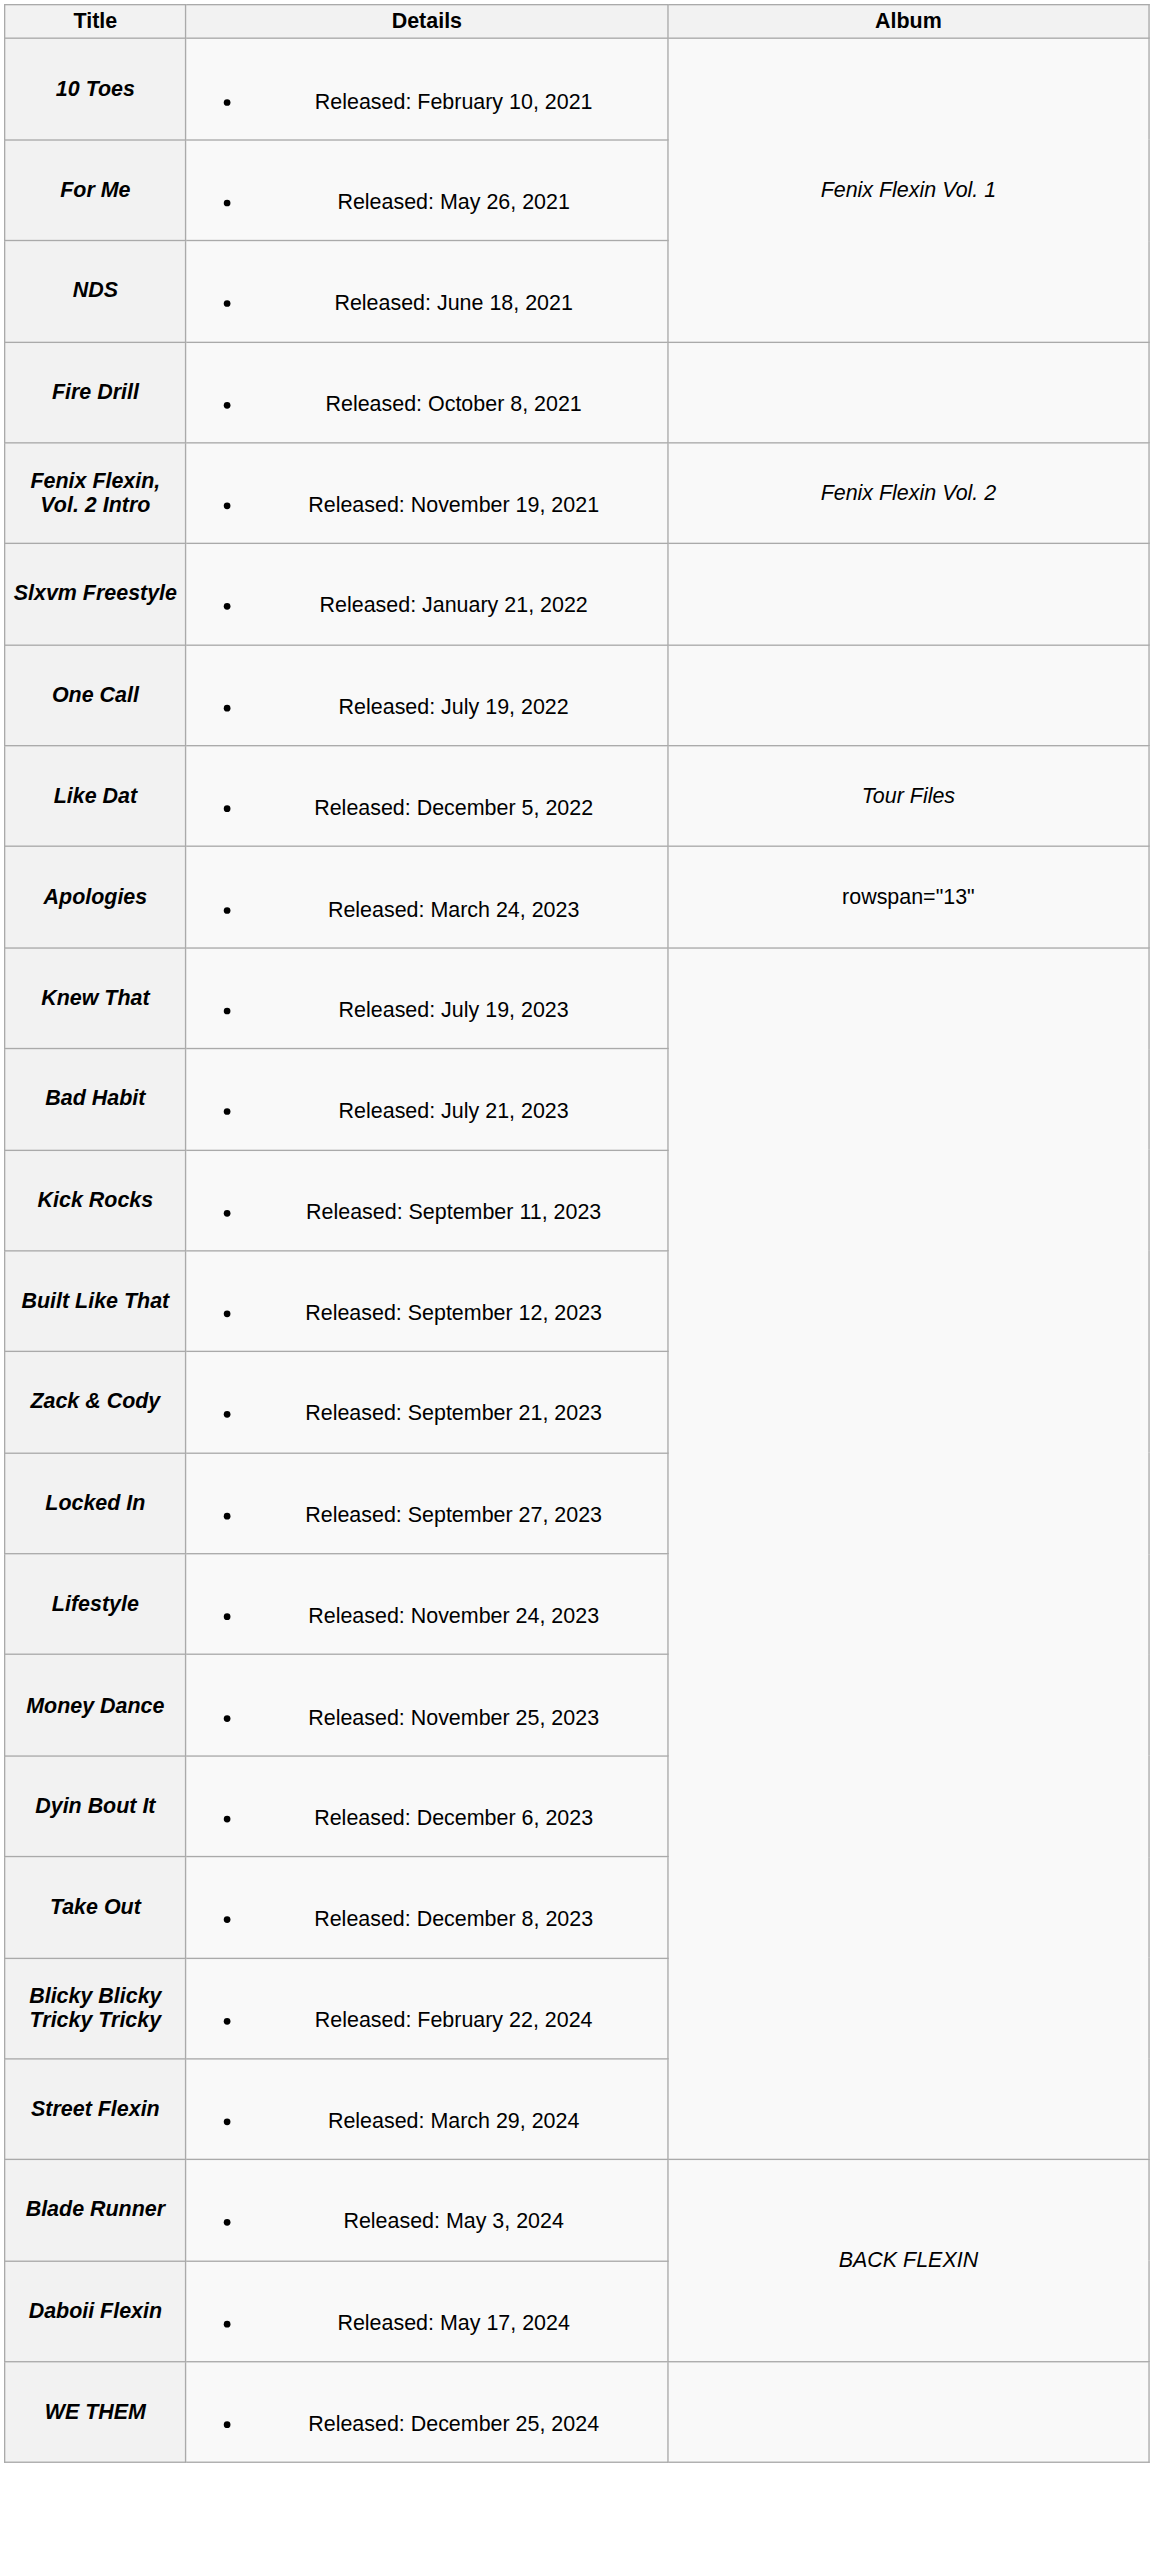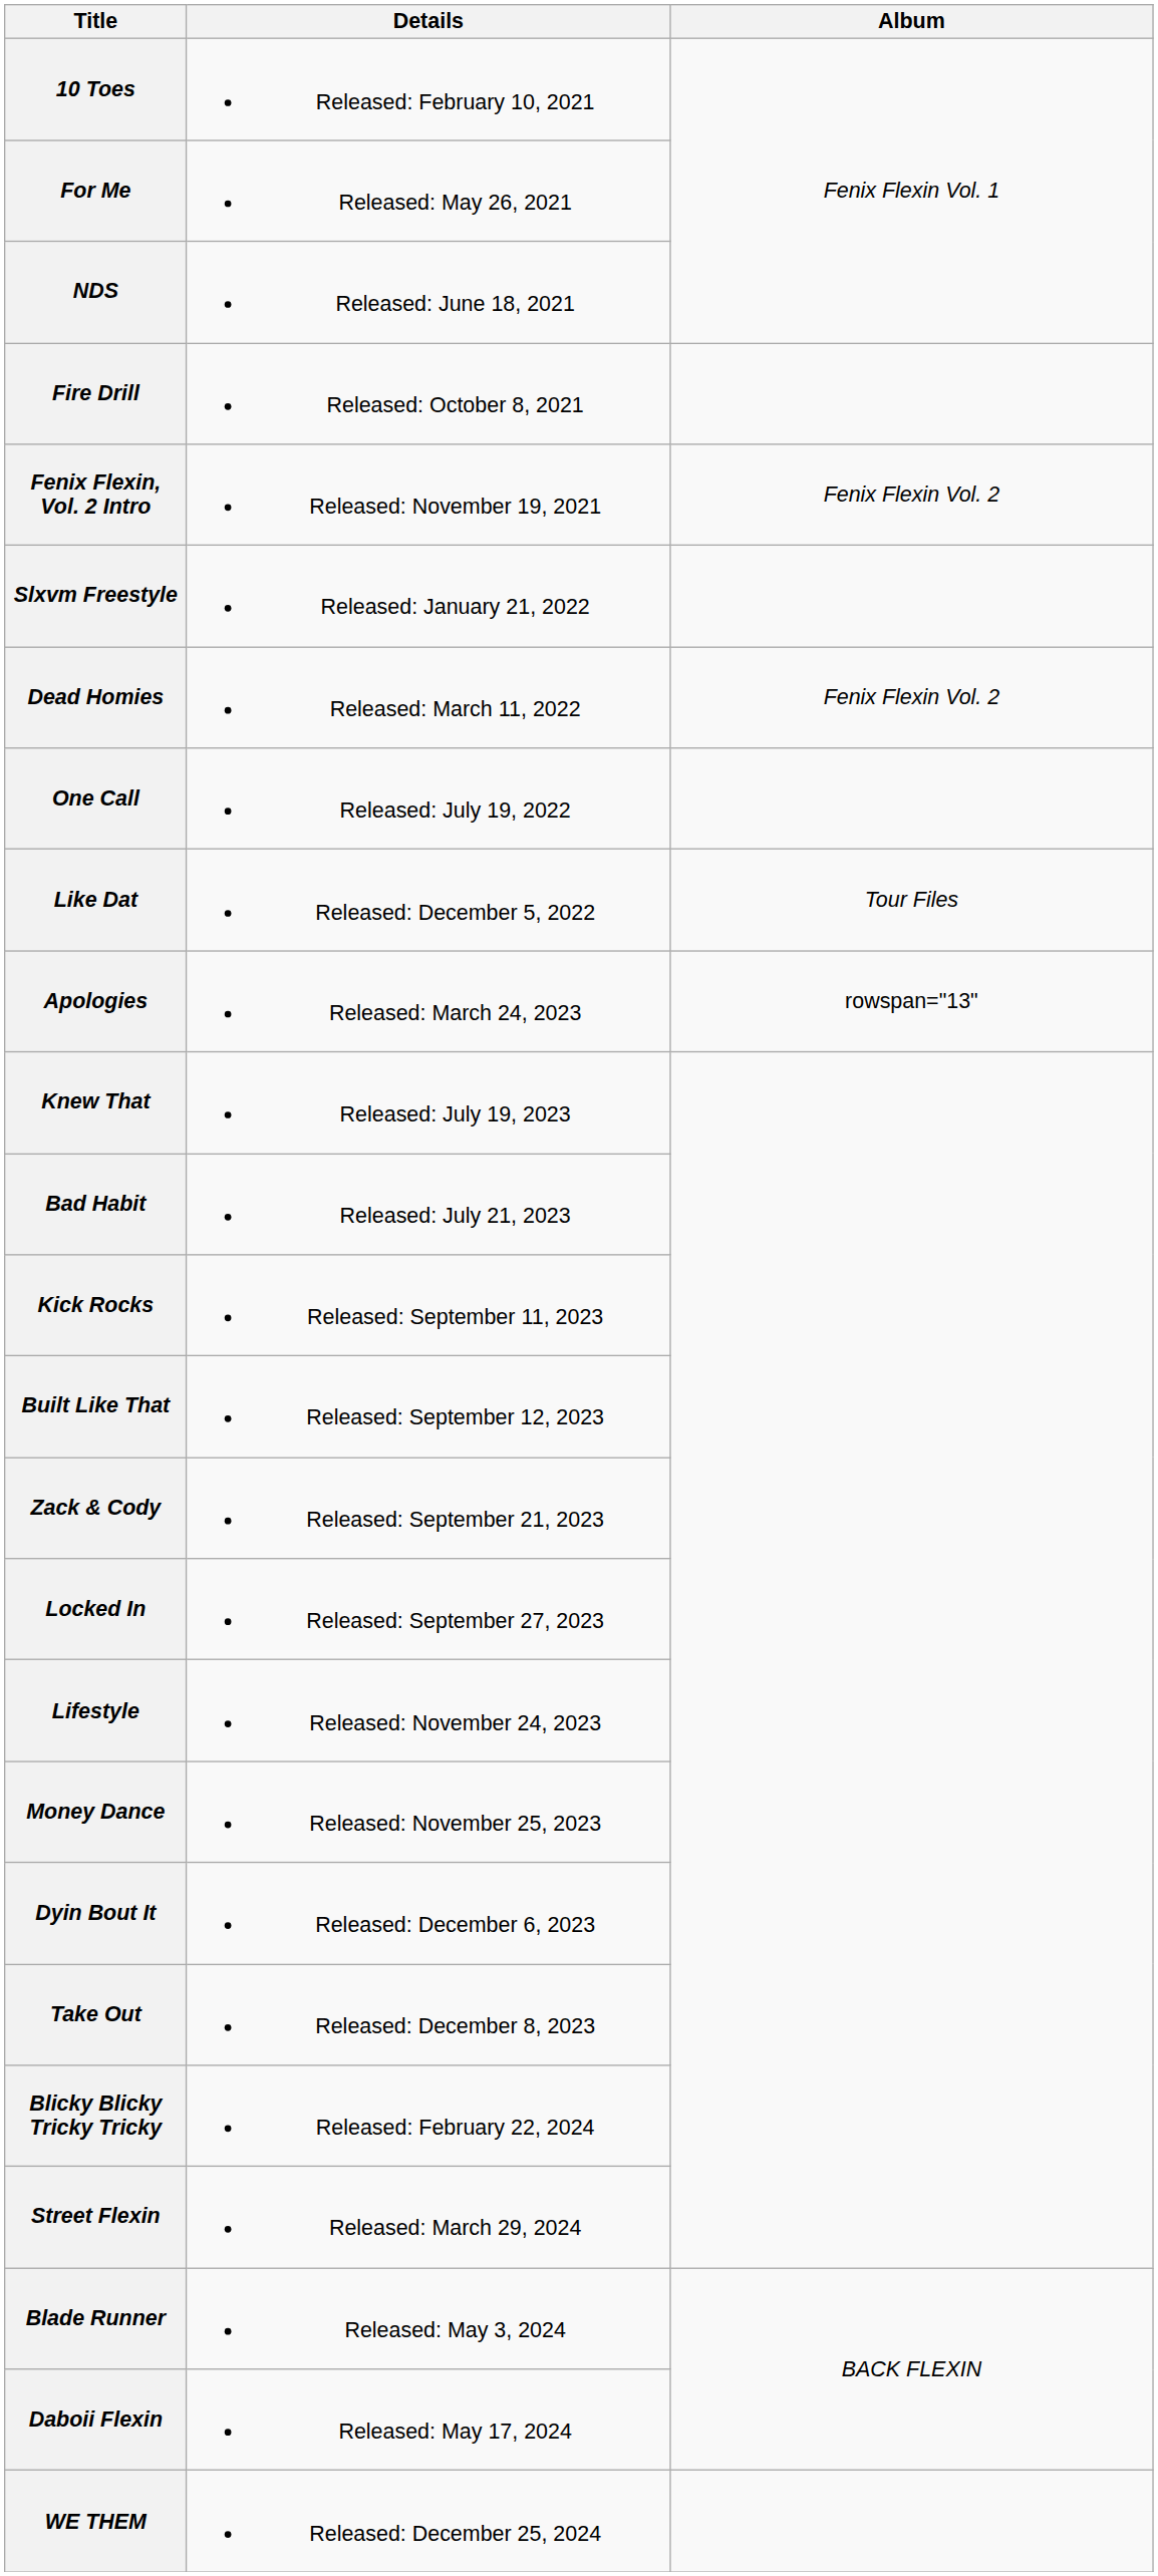 <table class="wikitable plainrowheaders" style="text-align:center;">
 <tr>
 <th scope="col" rowspan="1" style="width:8em;">Title</th>
 <th scope="col" rowspan="1" style="width:22em;">Details</th>
 <th scope="col" rowspan="1" style="width:22em;">Album</th>
 </tr>
 <tr>
 <th scope="row"><em>10 Toes</em></th>
 <td><br><ul><li>Released: February 10, 2021</li></ul></td>
 <td rowspan="3"><em>Fenix Flexin Vol. 1</em></td>
 </tr>
 <tr>
 <th scope="row"><em>For Me</em></th>
 <td><br><ul><li>Released: May 26, 2021</li></ul></td>
 </tr>
 <tr>
 <th scope="row"><em>NDS</em></th>
 <td><br><ul><li>Released: June 18, 2021</li></ul></td>
 </tr>
 <tr>
 <th scope="row"><em>Fire Drill</em><br></th>
 <td><br><ul><li>Released: October 8, 2021</li></ul></td>
 <td></td>
 </tr>
 <tr>
 <th scope="row"><em>Fenix Flexin, Vol. 2 Intro</em><br></th>
 <td><br><ul><li>Released: November 19, 2021</li></ul></td>
 <td><em>Fenix Flexin Vol. 2</em></td>
 </tr>
 <tr>
 <th scope="row"><em>Slxvm Freestyle</em><br></th>
 <td><br><ul><li>Released: January 21, 2022</li></ul></td>
 <td></td>
+</tr>
+<tr>
+<th scope="row"><em>Dead Homies</em></th>
+<td><br><ul><li>Released: March 11, 2022</li></ul></td>
+<td><em>Fenix Flexin Vol. 2</em></td>
 </tr>
 <tr>
 <th scope="row"><em>One Call</em><br></th>
 <td><br><ul><li>Released: July 19, 2022</li></ul></td>
 <td></td>
 </tr>
 <tr>
 <th scope="row"><em>Like Dat</em><br></th>
 <td><br><ul><li>Released: December 5, 2022</li></ul></td>
 <td><em>Tour Files</em></td>
 </tr>
 <tr>
 <th scope="row"><em>Apologies</em></th>
 <td><br><ul><li>Released: March 24, 2023</li></ul></td>
 <td>rowspan="13" </td>
 </tr>
 <tr>
 <th scope="row"><em>Knew That</em><br></th>
 <td><br><ul><li>Released: July 19, 2023</li></ul></td>
 </tr>
 <tr>
 <th scope="row"><em>Bad Habit</em><br></th>
 <td><br><ul><li>Released: July 21, 2023</li></ul></td>
 </tr>
 <tr>
 <th scope="row"><em>Kick Rocks</em><br></th>
 <td><br><ul><li>Released: September 11, 2023</li></ul></td>
 </tr>
 <tr>
 <th scope="row"><em>Built Like That</em><br></th>
 <td><br><ul><li>Released: September 12, 2023</li></ul></td>
 </tr>
 <tr>
 <th scope="row"><em>Zack & Cody</em><br></th>
 <td><br><ul><li>Released: September 21, 2023</li></ul></td>
 </tr>
 <tr>
 <th scope="row"><em>Locked In</em><br></th>
 <td><br><ul><li>Released: September 27, 2023</li></ul></td>
 </tr>
 <tr>
 <th scope="row"><em>Lifestyle</em><br></th>
 <td><br><ul><li>Released: November 24, 2023</li></ul></td>
 </tr>
 <tr>
 <th scope="row"><em>Money Dance</em><br></th>
 <td><br><ul><li>Released: November 25, 2023</li></ul></td>
 </tr>
 <tr>
 <th scope="row"><em>Dyin Bout It</em><br></th>
 <td><br><ul><li>Released: December 6, 2023</li></ul></td>
 </tr>
 <tr>
 <th scope="row"><em>Take Out</em><br></th>
 <td><br><ul><li>Released: December 8, 2023</li></ul></td>
 </tr>
 <tr>
 <th scope="row"><em>Blicky Blicky Tricky Tricky</em><br></th>
 <td><br><ul><li>Released: February 22, 2024</li></ul></td>
 </tr>
 <tr>
 <th scope="row"><em>Street Flexin</em><br></th>
 <td><br><ul><li>Released: March 29, 2024</li></ul></td>
 </tr>
 <tr>
 <th scope="row"><em>Blade Runner</em></th>
 <td><br><ul><li>Released: May 3, 2024</li></ul></td>
 <td rowspan="2"><em>BACK FLEXIN</em></td>
 </tr>
 <tr>
 <th scope="row"><em>Daboii Flexin</em><br></th>
 <td><br><ul><li>Released: May 17, 2024</li></ul></td>
 </tr>
 <tr>
 <th scope="row"><em>WE THEM</em><br></th>
 <td><br><ul><li>Released: December 25, 2024</li></ul></td>
 <td></td>
 </tr>
 </table>
